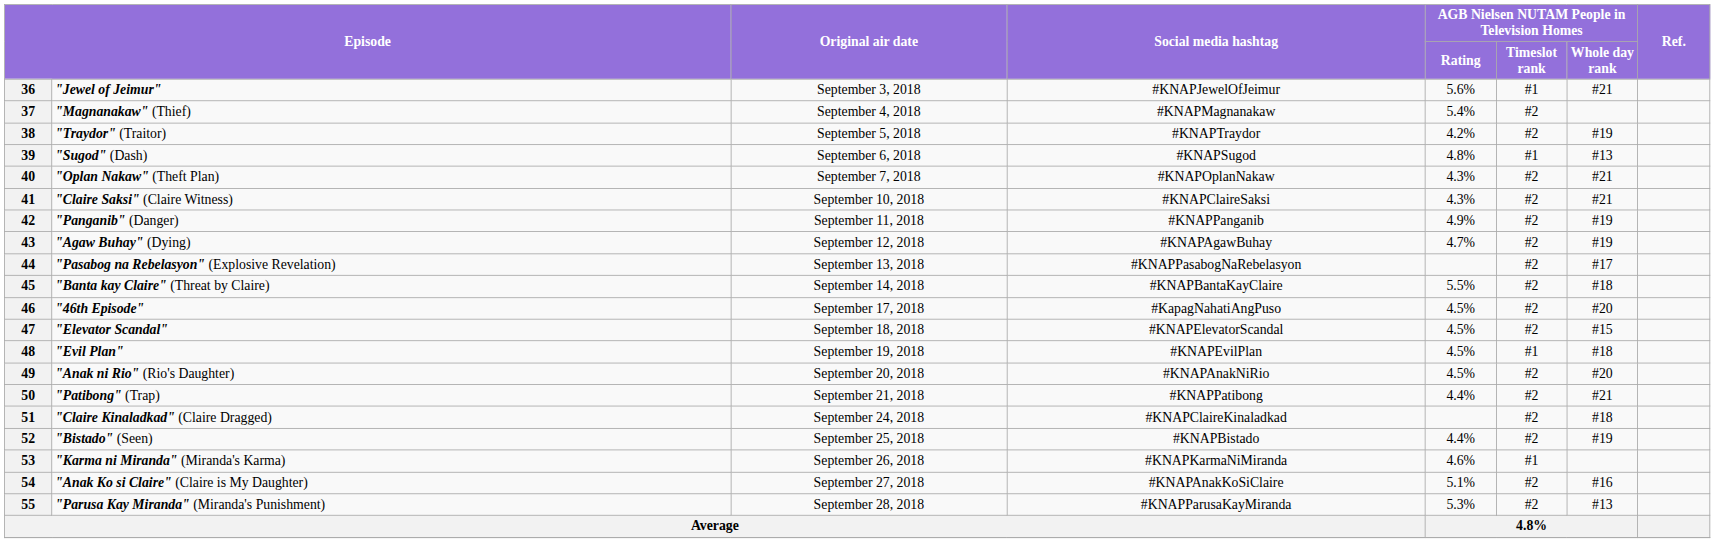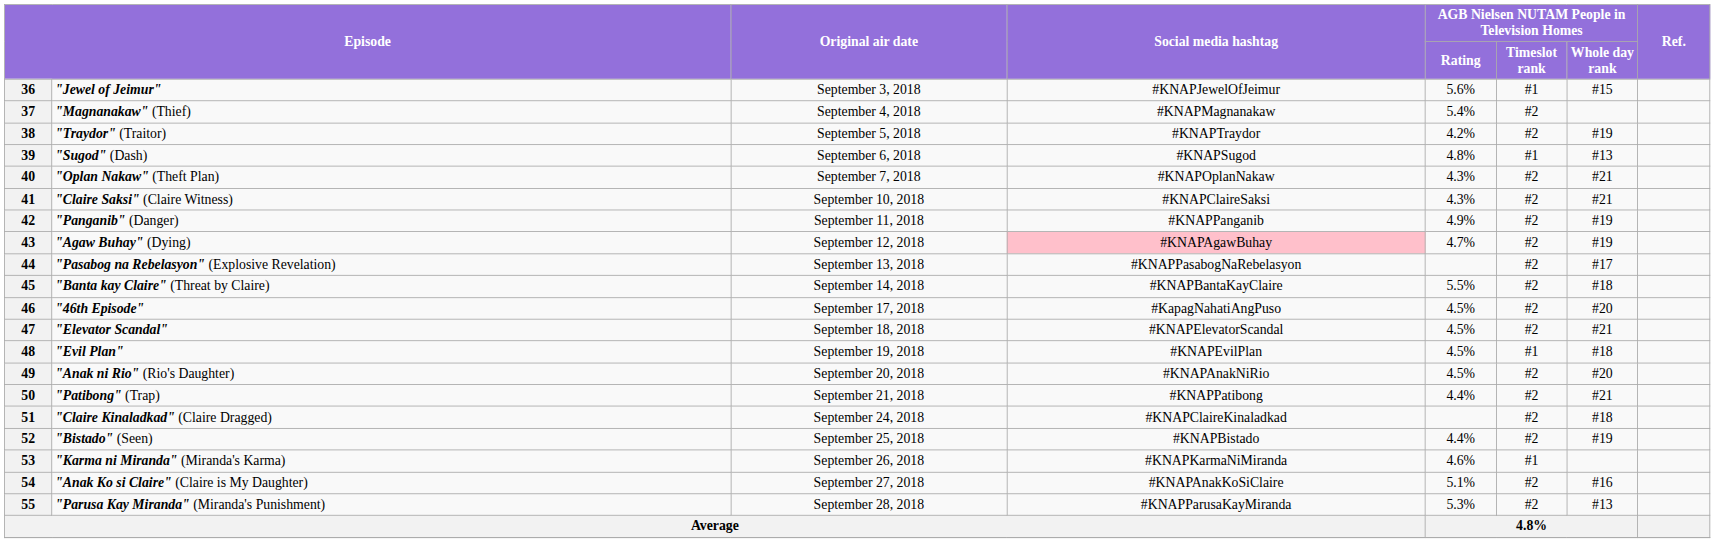 <table class="wikitable" style="text-align:center; font-size:100%; line-height:18px;" width="100%">
 <tr>
 <th style="background-color:#9370DB; color:#ffffff;" colspan="2" rowspan="2">Episode</th>
 <th style="background-color:#9370DB; color:white" rowspan="2">Original air date</th>
 <th style="background-color:#9370DB; color:white" rowspan="2">Social media hashtag</th>
 <th style="background-color:#9370DB; color:#ffffff;" colspan="3">AGB Nielsen NUTAM People in Television Homes</th>
 <th style="background-color:#9370DB;  color:#ffffff;" rowspan="2">Ref.</th>
 </tr>
 <tr>
 <th style="background-color:#9370DB; width:75px; color:#ffffff;">Rating</th>
 <th style="background-color:#9370DB;  width:75px; color:#ffffff;">Timeslot<br>rank</th>
 <th style="background-color:#9370DB; width:75px; color:#ffffff;">Whole day<br>rank</th>
 </tr>
 <tr>
 <th>36</th>
 <td style="text-align: left;"><strong><em>"Jewel of Jeimur"</em></strong></td>
 <td>September 3, 2018</td>
 <td>#KNAPJewelOfJeimur</td>
 <td>5.6%</td>
 <td>#1</td>
-<td>#21</td>
+<td>#15</td>
 <td></td>
 </tr>
 <tr>
 <th>37</th>
 <td style="text-align: left;"><strong><em>"Magnanakaw"</em></strong> (Thief)</td>
 <td>September 4, 2018</td>
 <td>#KNAPMagnanakaw</td>
 <td>5.4%</td>
 <td>#2</td>
 <td></td>
 <td></td>
 </tr>
 <tr>
 <th>38</th>
 <td style="text-align: left;"><strong><em>"Traydor"</em></strong> (Traitor)</td>
 <td>September 5, 2018</td>
 <td>#KNAPTraydor</td>
 <td>4.2%</td>
 <td>#2</td>
 <td>#19</td>
 <td></td>
 </tr>
 <tr>
 <th>39</th>
 <td style="text-align: left;"><strong><em>"Sugod"</em></strong> (Dash)</td>
 <td>September 6, 2018</td>
 <td>#KNAPSugod</td>
 <td>4.8%</td>
 <td>#1</td>
 <td>#13</td>
 <td></td>
 </tr>
 <tr>
 <th>40</th>
 <td style="text-align: left;"><strong><em>"Oplan Nakaw"</em></strong> (Theft Plan)</td>
 <td>September 7, 2018</td>
 <td>#KNAPOplanNakaw</td>
 <td>4.3%</td>
 <td>#2</td>
 <td>#21</td>
 <td></td>
 </tr>
 <tr>
 <th>41</th>
 <td style="text-align: left;"><strong><em>"Claire Saksi"</em></strong> (Claire Witness)</td>
 <td>September 10, 2018</td>
 <td>#KNAPClaireSaksi</td>
 <td>4.3%</td>
 <td>#2</td>
 <td>#21</td>
 <td></td>
 </tr>
 <tr>
 <th>42</th>
 <td style="text-align: left;"><strong><em>"Panganib"</em></strong> (Danger)</td>
 <td>September 11, 2018</td>
 <td>#KNAPPanganib</td>
 <td>4.9%</td>
 <td>#2</td>
 <td>#19</td>
 <td></td>
 </tr>
 <tr>
 <th>43</th>
 <td style="text-align: left;"><strong><em>"Agaw Buhay"</em></strong> (Dying)</td>
 <td>September 12, 2018</td>
-<td>#KNAPAgawBuhay</td>
+<td style="background: pink;">#KNAPAgawBuhay</td>
 <td>4.7%</td>
 <td>#2</td>
 <td>#19</td>
 <td></td>
 </tr>
 <tr>
 <th>44</th>
 <td style="text-align: left;"><strong><em>"Pasabog na Rebelasyon"</em></strong> (Explosive Revelation)</td>
 <td>September 13, 2018</td>
 <td>#KNAPPasabogNaRebelasyon</td>
 <td></td>
 <td>#2</td>
 <td>#17</td>
 <td></td>
 </tr>
 <tr>
 <th>45</th>
 <td style="text-align: left;"><strong><em>"Banta kay Claire"</em></strong> (Threat by Claire)</td>
 <td>September 14, 2018</td>
 <td>#KNAPBantaKayClaire</td>
 <td>5.5%</td>
 <td>#2</td>
 <td>#18</td>
 <td></td>
 </tr>
 <tr>
 <th>46</th>
 <td style="text-align: left;"><strong><em>"46th Episode"</em></strong></td>
 <td>September 17, 2018</td>
 <td>#KapagNahatiAngPuso</td>
 <td>4.5%</td>
 <td>#2</td>
 <td>#20</td>
 <td></td>
 </tr>
 <tr>
 <th>47</th>
 <td style="text-align: left;"><strong><em>"Elevator Scandal"</em></strong></td>
 <td>September 18, 2018</td>
 <td>#KNAPElevatorScandal</td>
 <td>4.5%</td>
 <td>#2</td>
-<td>#15</td>
+<td>#21</td>
 <td></td>
 </tr>
 <tr>
 <th>48</th>
 <td style="text-align: left;"><strong><em>"Evil Plan"</em></strong></td>
 <td>September 19, 2018</td>
 <td>#KNAPEvilPlan</td>
 <td>4.5%</td>
 <td>#1</td>
 <td>#18</td>
 <td></td>
 </tr>
 <tr>
 <th>49</th>
 <td style="text-align: left;"><strong><em>"Anak ni Rio"</em></strong> (Rio's Daughter)</td>
 <td>September 20, 2018</td>
 <td>#KNAPAnakNiRio</td>
 <td>4.5%</td>
 <td>#2</td>
 <td>#20</td>
 <td></td>
 </tr>
 <tr>
 <th>50</th>
 <td style="text-align: left;"><strong><em>"Patibong"</em></strong> (Trap)</td>
 <td>September 21, 2018</td>
 <td>#KNAPPatibong</td>
 <td>4.4%</td>
 <td>#2</td>
 <td>#21</td>
 <td></td>
 </tr>
 <tr>
 <th>51</th>
 <td style="text-align: left;"><strong><em>"Claire Kinaladkad"</em></strong> (Claire Dragged)</td>
 <td>September 24, 2018</td>
 <td>#KNAPClaireKinaladkad</td>
 <td></td>
 <td>#2</td>
 <td>#18</td>
 <td></td>
 </tr>
 <tr>
 <th>52</th>
 <td style="text-align: left;"><strong><em>"Bistado"</em></strong> (Seen)</td>
 <td>September 25, 2018</td>
 <td>#KNAPBistado</td>
 <td>4.4%</td>
 <td>#2</td>
 <td>#19</td>
 <td></td>
 </tr>
 <tr>
 <th>53</th>
 <td style="text-align: left;"><strong><em>"Karma ni Miranda"</em></strong> (Miranda's Karma)</td>
 <td>September 26, 2018</td>
 <td>#KNAPKarmaNiMiranda</td>
 <td>4.6%</td>
 <td>#1</td>
 <td></td>
 <td></td>
 </tr>
 <tr>
 <th>54</th>
 <td style="text-align: left;"><strong><em>"Anak Ko si Claire"</em></strong> (Claire is My Daughter)</td>
 <td>September 27, 2018</td>
 <td>#KNAPAnakKoSiClaire</td>
 <td>5.1%</td>
 <td>#2</td>
 <td>#16</td>
 <td></td>
 </tr>
 <tr>
 <th>55</th>
 <td style="text-align: left;"><strong><em>"Parusa Kay Miranda"</em></strong> (Miranda's Punishment)</td>
 <td>September 28, 2018</td>
 <td>#KNAPParusaKayMiranda</td>
 <td>5.3%</td>
 <td>#2</td>
 <td>#13</td>
 <td></td>
 </tr>
 <tr>
 <th colspan="4">Average</th>
 <th colspan="3">4.8%</th>
 <th></th>
 </tr>
 <tr>
 </tr>
 </table>
